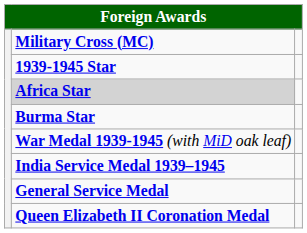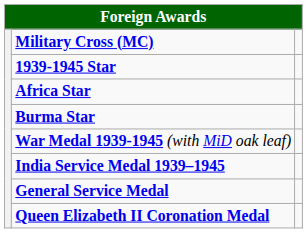 <table class="wikitable">
 <tr>
 <th colspan="3" style="background:#006400; color:#FFFFFF; text-align:center"><strong>Foreign Awards</strong></th>
 </tr>
 <tr>
 <th rowspan="8"><strong></strong></th>
 <td><a href='#'><strong>Military Cross (MC)</strong></a><strong></strong></td>
 <td></td>
 </tr>
 <tr>
 <td><strong><a href='#'>1939-1945 Star</a></strong></td>
 <td></td>
 </tr>
 <tr>
-<td style="background: lightgrey;"><strong><a href='#'>Africa Star</a></strong></td>
+<td><strong><a href='#'>Africa Star</a></strong></td>
 <td></td>
 </tr>
 <tr>
 <td><strong><a href='#'>Burma Star</a></strong></td>
 <td></td>
 </tr>
 <tr>
 <td><strong><a href='#'>War Medal 1939-1945</a></strong> <em>(with <a href='#'>MiD</a> oak leaf)</em></td>
 <td></td>
 </tr>
 <tr>
 <td><a href='#'><strong>India Service Medal 1939–1945</strong></a></td>
 <td></td>
 </tr>
 <tr>
 <td><strong><a href='#'>General Service Medal</a></strong></td>
 <td></td>
 </tr>
 <tr>
 <td><strong><a href='#'>Queen Elizabeth II Coronation Medal</a></strong></td>
 <td></td>
 </tr>
 </table>
